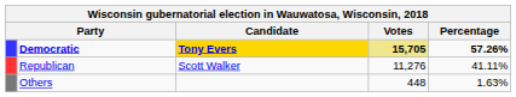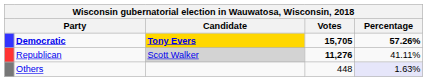 <table class="wikitable" style="font-size:95%;">
 <tr>
 <th colspan="7">Wisconsin gubernatorial election in Wauwatosa, Wisconsin, 2018</th>
 </tr>
 <tr>
 <th colspan="2" style="width: 15em">Party</th>
 <th style="width: 17em">Candidate</th>
 <th style="width: 5em">Votes</th>
 <th style="width: 7em">Percentage</th>
 </tr>
 <tr>
 <th style="background:#33f; width:3px;"></th>
 <td style="width: 130px"><strong><a href='#'>Democratic</a></strong></td>
 <td style="background: gold;"><strong><a href='#'>Tony Evers</a></strong></td>
-<td style="background: khaki; text-align:right;"><strong>15,705</strong></td>
+<td style="text-align:right;"><strong>15,705</strong></td>
 <td style="text-align:right;"><strong>57.26%</strong></td>
 </tr>
 <tr>
 <th style="background:#f33; width:3px;"></th>
 <td style="width: 130px"><a href='#'>Republican</a></td>
-<td><a href='#'>Scott Walker</a></td>
-<td style="text-align:right;">11,276</td>
+<td style="background: lightgrey;"><a href='#'>Scott Walker</a></td>
+<td style="text-align:right;"><strong>11,276</strong></td>
 <td style="text-align:right;">41.11%</td>
 </tr>
 <tr>
 <th style="background:#777; width:3px;"></th>
 <td style="width: 130px"><a href='#'>Others</a></td>
 <td></td>
 <td style="text-align:right;">448</td>
-<td style="text-align:right;">1.63%</td>
+<td style="background: lavender; text-align:right;">1.63%</td>
 </tr>
 </table>
